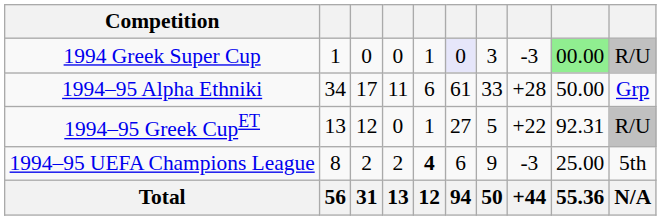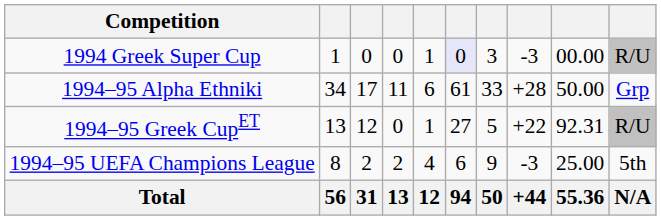 <table class="wikitable" style="text-align:center">
 <tr>
 <th>Competition</th>
 <th></th>
 <th></th>
 <th></th>
 <th></th>
 <th></th>
 <th></th>
 <th></th>
 <th></th>
 <th></th>
 </tr>
 <tr>
 <td><a href='#'>1994 Greek Super Cup</a></td>
 <td>1</td>
 <td>0</td>
 <td>0</td>
 <td>1</td>
 <td style="background: lavender;">0</td>
 <td>3</td>
 <td>-3</td>
-<td style="background: lightgreen;">00.00</td>
+<td>00.00</td>
 <td bgcolor=#C0C0C0>R/U</td>
 </tr>
 <tr>
 <td><a href='#'>1994–95 Alpha Ethniki</a></td>
 <td>34</td>
 <td>17</td>
 <td>11</td>
 <td>6</td>
 <td>61</td>
 <td>33</td>
 <td>+28</td>
 <td>50.00</td>
 <td><a href='#'>Grp</a></td>
 </tr>
 <tr>
 <td><a href='#'>1994–95 Greek Cup</a><sup><a href='#'>ET</a></sup></td>
 <td>13</td>
 <td>12</td>
 <td>0</td>
 <td>1</td>
 <td>27</td>
 <td>5</td>
 <td>+22</td>
 <td>92.31</td>
 <td bgcolor=#C0C0C0>R/U</td>
 </tr>
 <tr>
 <td><a href='#'>1994–95 UEFA Champions League</a></td>
 <td>8</td>
 <td>2</td>
 <td>2</td>
-<td><strong>4</strong></td>
+<td>4</td>
 <td>6</td>
 <td>9</td>
 <td>-3</td>
 <td>25.00</td>
 <td>5th</td>
 </tr>
 <tr>
 <th>Total</th>
 <th>56</th>
 <th>31</th>
 <th>13</th>
 <th>12</th>
 <th>94</th>
 <th>50</th>
 <th>+44</th>
 <th>55.36</th>
 <th>N/A</th>
 </tr>
 </table>
